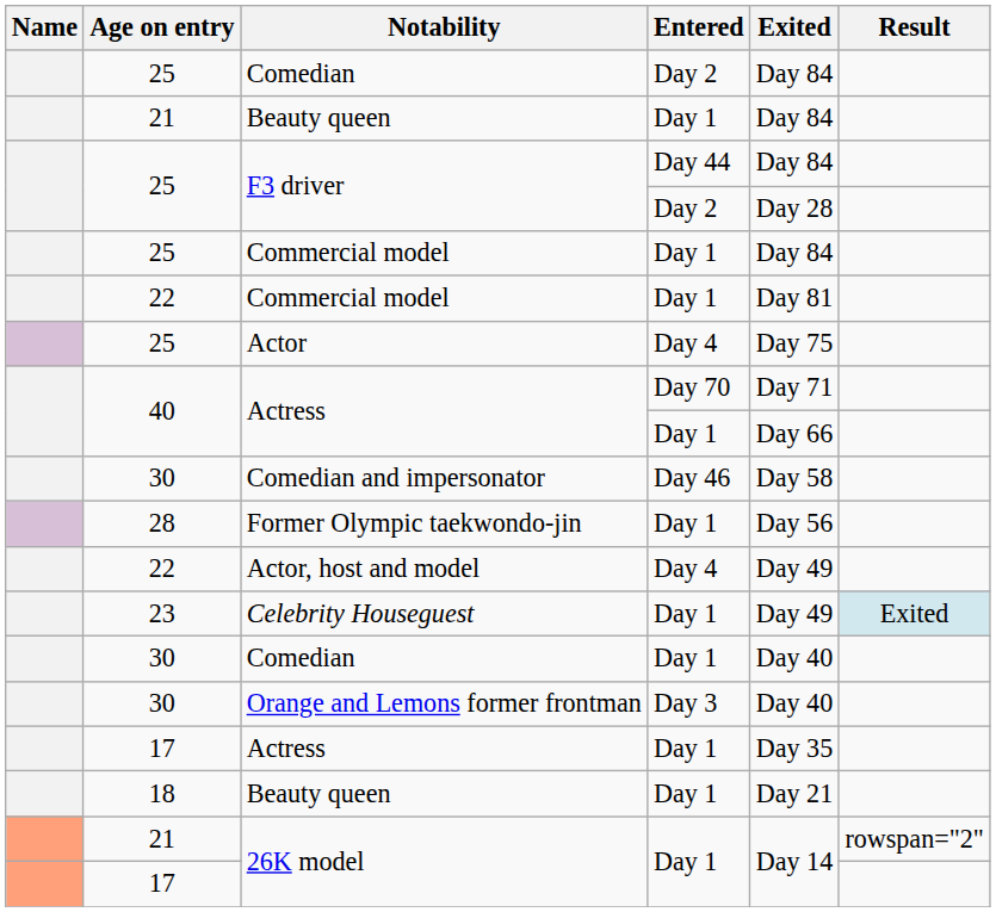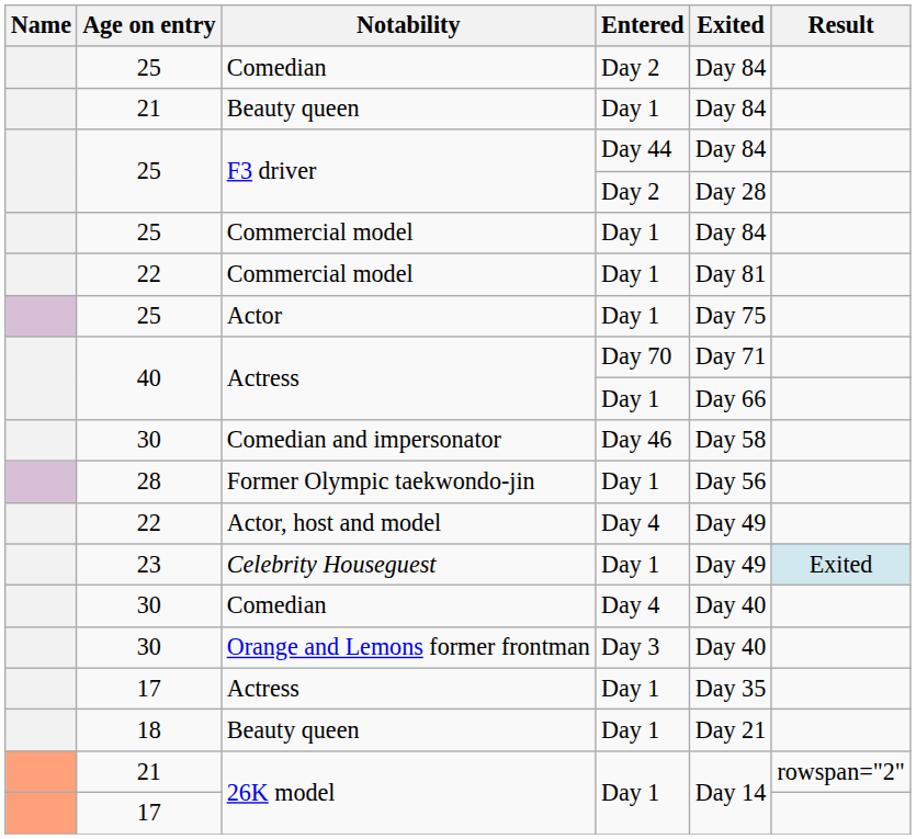 <table class="wikitable sortable" style="font-size:100%; line-height:20px;">
 <tr>
 <th>Name</th>
 <th>Age on entry</th>
 <th>Notability</th>
 <th>Entered</th>
 <th>Exited</th>
 <th>Result</th>
 </tr>
 <tr>
 <th></th>
 <td align="center">25</td>
 <td>Comedian</td>
 <td>Day 2</td>
 <td>Day 84</td>
 <td></td>
 </tr>
 <tr>
 <th></th>
 <td align="center">21</td>
 <td>Beauty queen</td>
 <td>Day 1</td>
 <td>Day 84</td>
 <td></td>
 </tr>
 <tr>
 <th rowspan="2"></th>
 <td rowspan="2" align="center">25</td>
 <td rowspan="2"><a href='#'>F3</a> driver</td>
 <td>Day 44</td>
 <td>Day 84</td>
 <td></td>
 </tr>
 <tr>
 <td>Day 2</td>
 <td>Day 28</td>
 <td></td>
 </tr>
 <tr>
 <th></th>
 <td align="center">25</td>
 <td>Commercial model</td>
 <td>Day 1</td>
 <td>Day 84</td>
 <td></td>
 </tr>
 <tr>
 <th></th>
 <td align="center">22</td>
 <td>Commercial model</td>
 <td>Day 1</td>
 <td>Day 81</td>
 <td></td>
 </tr>
 <tr>
 <th style="background:#D8BFD8;"></th>
 <td align="center">25</td>
 <td>Actor</td>
-<td>Day 4</td>
+<td>Day 1</td>
 <td>Day 75</td>
 <td></td>
 </tr>
 <tr>
 <th rowspan="2"></th>
 <td rowspan="2" align="center">40</td>
 <td rowspan="2">Actress</td>
 <td>Day 70</td>
 <td>Day 71</td>
 <td></td>
 </tr>
 <tr>
 <td>Day 1</td>
 <td>Day 66</td>
 <td></td>
 </tr>
 <tr>
 <th></th>
 <td align="center">30</td>
 <td>Comedian and impersonator</td>
 <td>Day 46</td>
 <td>Day 58</td>
 <td></td>
 </tr>
 <tr>
 <th style="background:#D8BFD8;"></th>
 <td align="center">28</td>
 <td>Former Olympic taekwondo-jin</td>
 <td>Day 1</td>
 <td>Day 56</td>
 <td></td>
 </tr>
 <tr>
 <th></th>
 <td align="center">22</td>
 <td>Actor, host and model</td>
 <td>Day 4</td>
 <td>Day 49</td>
 <td></td>
 </tr>
 <tr>
 <th></th>
 <td align="center">23</td>
 <td><em>Celebrity Houseguest</em></td>
 <td>Day 1</td>
 <td>Day 49</td>
 <td align="center" style="background:#D1E8EF;">Exited</td>
 </tr>
 <tr>
 <th></th>
 <td align="center">30</td>
 <td>Comedian</td>
-<td>Day 1</td>
+<td>Day 4</td>
 <td>Day 40</td>
 <td></td>
 </tr>
 <tr>
 <th></th>
 <td align="center">30</td>
 <td><a href='#'>Orange and Lemons</a> former frontman</td>
 <td>Day 3</td>
 <td>Day 40</td>
 <td></td>
 </tr>
 <tr>
 <th></th>
 <td align="center">17</td>
 <td>Actress</td>
 <td>Day 1</td>
 <td>Day 35</td>
 <td></td>
 </tr>
 <tr>
 <th></th>
 <td align="center">18</td>
 <td>Beauty queen</td>
 <td>Day 1</td>
 <td>Day 21</td>
 <td></td>
 </tr>
 <tr>
 <th style="background:#FFA07A;"></th>
 <td align="center">21</td>
 <td rowspan="2"><a href='#'>26K</a> model</td>
 <td rowspan="2">Day 1</td>
 <td rowspan="2">Day 14</td>
 <td>rowspan="2" </td>
 </tr>
 <tr>
 <th style="background:#FFA07A;"></th>
 <td align="center">17</td>
 </tr>
 </table>
